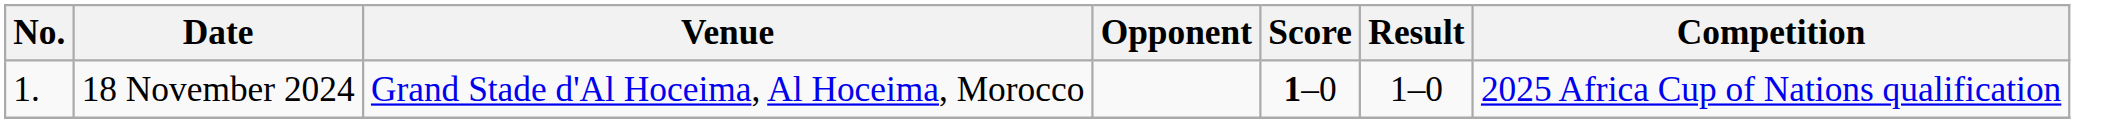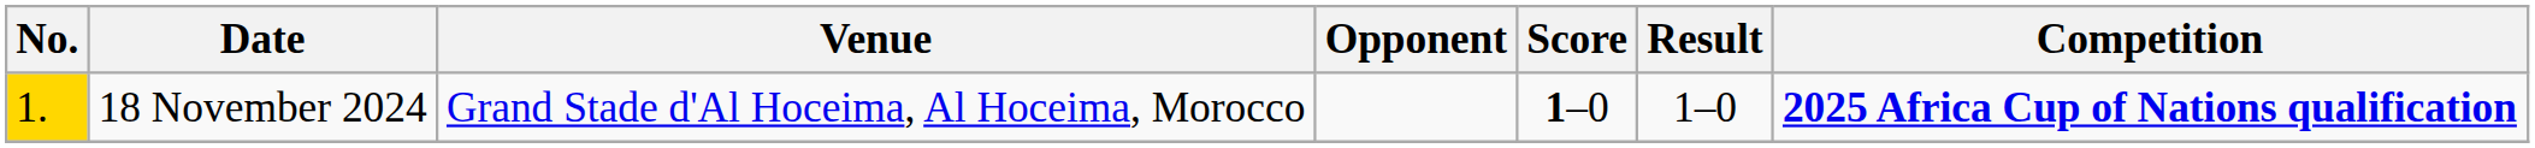 <table class="wikitable">
 <tr>
 <th>No.</th>
 <th>Date</th>
 <th>Venue</th>
 <th>Opponent</th>
 <th>Score</th>
 <th>Result</th>
 <th>Competition</th>
 </tr>
 <tr>
-<td>1.</td>
+<td style="background: gold;">1.</td>
 <td>18 November 2024</td>
 <td><a href='#'>Grand Stade d'Al Hoceima</a>, <a href='#'>Al Hoceima</a>, Morocco</td>
 <td></td>
 <td align=center><strong>1</strong>–0</td>
 <td align=center>1–0</td>
-<td><a href='#'>2025 Africa Cup of Nations qualification</a></td>
+<td><strong><a href='#'>2025 Africa Cup of Nations qualification</a></strong></td>
 </tr>
 <tr>
 </tr>
 </table>
